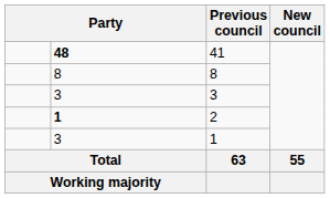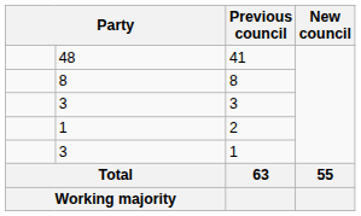 <table class="wikitable">
 <tr>
 <th valign=centre colspan="2" style="width: 230px">Party</th>
 <th valign=top style="width: 30px">Previous council</th>
 <th valign=top style="width: 30px">New council</th>
 </tr>
 <tr>
 <td></td>
-<td><strong>48</strong></td>
+<td>48</td>
 <td>41</td>
 </tr>
 <tr>
 <td></td>
 <td>8</td>
 <td>8</td>
 </tr>
 <tr>
 <td></td>
 <td>3</td>
 <td>3</td>
 </tr>
 <tr>
 <td></td>
-<td><strong>1</strong></td>
+<td>1</td>
 <td>2</td>
 </tr>
 <tr>
 <td></td>
 <td>3</td>
 <td>1</td>
 </tr>
 <tr>
 <th colspan=2>Total</th>
 <th style="text-align: center">63</th>
 <th colspan=3>55</th>
 </tr>
 <tr>
 <th colspan=2>Working majority</th>
 <th></th>
 <th></th>
 </tr>
 </table>
